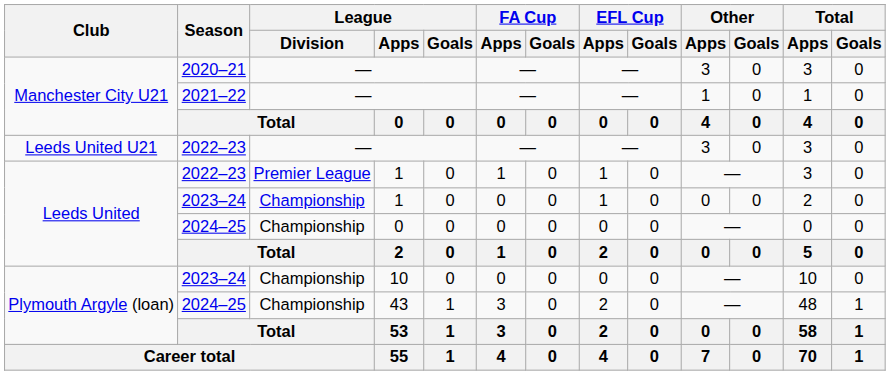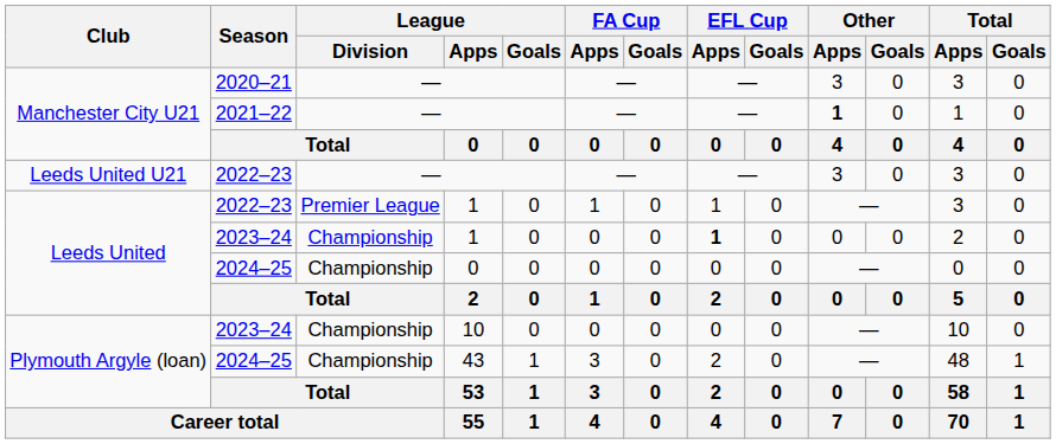 <table class=wikitable style=text-align:center>
 <tr>
 <th rowspan=2>Club</th>
 <th rowspan=2>Season</th>
 <th colspan=3>League</th>
 <th colspan=2><a href='#'>FA Cup</a></th>
 <th colspan=2><a href='#'>EFL Cup</a></th>
 <th colspan=2>Other</th>
 <th colspan=2>Total</th>
 </tr>
 <tr>
 <th>Division</th>
 <th>Apps</th>
 <th>Goals</th>
 <th>Apps</th>
 <th>Goals</th>
 <th>Apps</th>
 <th>Goals</th>
 <th>Apps</th>
 <th>Goals</th>
 <th>Apps</th>
 <th>Goals</th>
 </tr>
 <tr>
 <td rowspan="3"><a href='#'>Manchester City U21</a></td>
 <td><a href='#'>2020–21</a></td>
 <td colspan=3>—</td>
 <td colspan=2>—</td>
 <td colspan=2>—</td>
 <td>3</td>
 <td>0</td>
 <td>3</td>
 <td>0</td>
 </tr>
 <tr>
 <td><a href='#'>2021–22</a></td>
 <td colspan=3>—</td>
 <td colspan=2>—</td>
 <td colspan=2>—</td>
-<td>1</td>
+<td><strong>1</strong></td>
 <td>0</td>
 <td>1</td>
 <td>0</td>
 </tr>
 <tr>
 <th colspan=2>Total</th>
 <th>0</th>
 <th>0</th>
 <th>0</th>
 <th>0</th>
 <th>0</th>
 <th>0</th>
 <th>4</th>
 <th>0</th>
 <th>4</th>
 <th>0</th>
 </tr>
 <tr>
 <td><a href='#'>Leeds United U21</a></td>
 <td><a href='#'>2022–23</a></td>
 <td colspan=3>—</td>
 <td colspan=2>—</td>
 <td colspan=2>—</td>
 <td>3</td>
 <td>0</td>
 <td>3</td>
 <td>0</td>
 </tr>
 <tr>
 <td rowspan="4"><a href='#'>Leeds United</a></td>
 <td><a href='#'>2022–23</a></td>
 <td><a href='#'>Premier League</a></td>
 <td>1</td>
 <td>0</td>
 <td>1</td>
 <td>0</td>
 <td>1</td>
 <td>0</td>
 <td colspan=2>—</td>
 <td>3</td>
 <td>0</td>
 </tr>
 <tr>
 <td><a href='#'>2023–24</a></td>
 <td><a href='#'>Championship</a></td>
 <td>1</td>
 <td>0</td>
 <td>0</td>
 <td>0</td>
-<td>1</td>
+<td><strong>1</strong></td>
 <td>0</td>
 <td>0</td>
 <td>0</td>
 <td>2</td>
 <td>0</td>
 </tr>
 <tr>
 <td><a href='#'>2024–25</a></td>
 <td>Championship</td>
 <td>0</td>
 <td>0</td>
 <td>0</td>
 <td>0</td>
 <td>0</td>
 <td>0</td>
 <td colspan=2>—</td>
 <td>0</td>
 <td>0</td>
 </tr>
 <tr>
 <th colspan=2>Total</th>
 <th>2</th>
 <th>0</th>
 <th>1</th>
 <th>0</th>
 <th>2</th>
 <th>0</th>
 <th>0</th>
 <th>0</th>
 <th>5</th>
 <th>0</th>
 </tr>
 <tr>
 <td rowspan="3"><a href='#'>Plymouth Argyle</a> (loan)</td>
 <td><a href='#'>2023–24</a></td>
 <td>Championship</td>
 <td>10</td>
 <td>0</td>
 <td>0</td>
 <td>0</td>
 <td>0</td>
 <td>0</td>
 <td colspan=2>—</td>
 <td>10</td>
 <td>0</td>
 </tr>
 <tr>
 <td><a href='#'>2024–25</a></td>
 <td>Championship</td>
 <td>43</td>
 <td>1</td>
 <td>3</td>
 <td>0</td>
 <td>2</td>
 <td>0</td>
 <td colspan=2>—</td>
 <td>48</td>
 <td>1</td>
 </tr>
 <tr>
 <th colspan="2">Total</th>
 <th>53</th>
 <th>1</th>
 <th>3</th>
 <th>0</th>
 <th>2</th>
 <th>0</th>
 <th>0</th>
 <th>0</th>
 <th>58</th>
 <th>1</th>
 </tr>
 <tr>
 <th colspan="3">Career total</th>
 <th>55</th>
 <th>1</th>
 <th>4</th>
 <th>0</th>
 <th>4</th>
 <th>0</th>
 <th>7</th>
 <th>0</th>
 <th>70</th>
 <th>1</th>
 </tr>
 </table>
